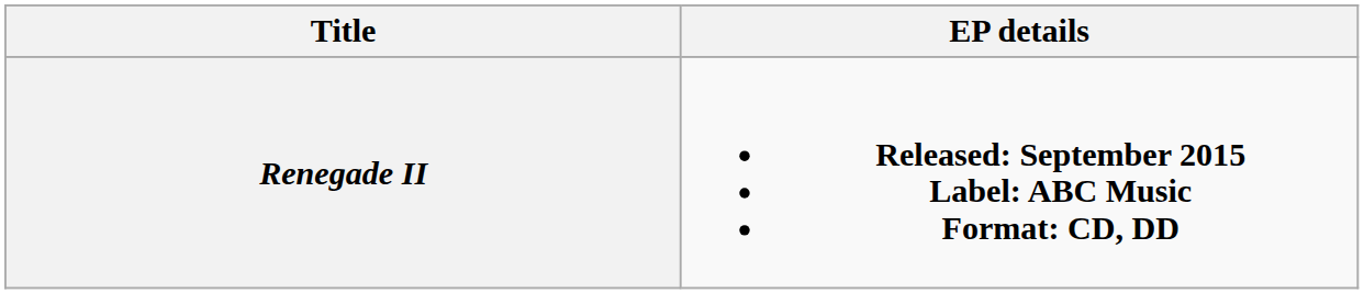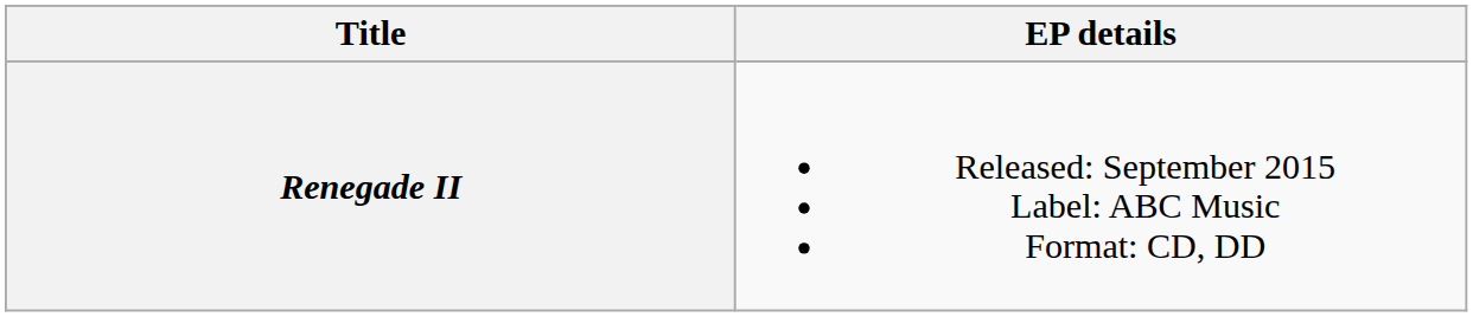 <table class="wikitable plainrowheaders" style="text-align:center;" border="1">
 <tr>
 <th scope="col" style="width:20em;">Title</th>
 <th scope="col" style="width:20em;">EP details</th>
 </tr>
 <tr>
 <th scope="row"><em>Renegade II</em></th>
-<td><strong><br><ul><li>Released: September 2015</li><li>Label: ABC Music</li><li>Format: CD, DD</li></ul></strong></td>
+<td><br><ul><li>Released: September 2015</li><li>Label: ABC Music</li><li>Format: CD, DD</li></ul></td>
 </tr>
 </table>
